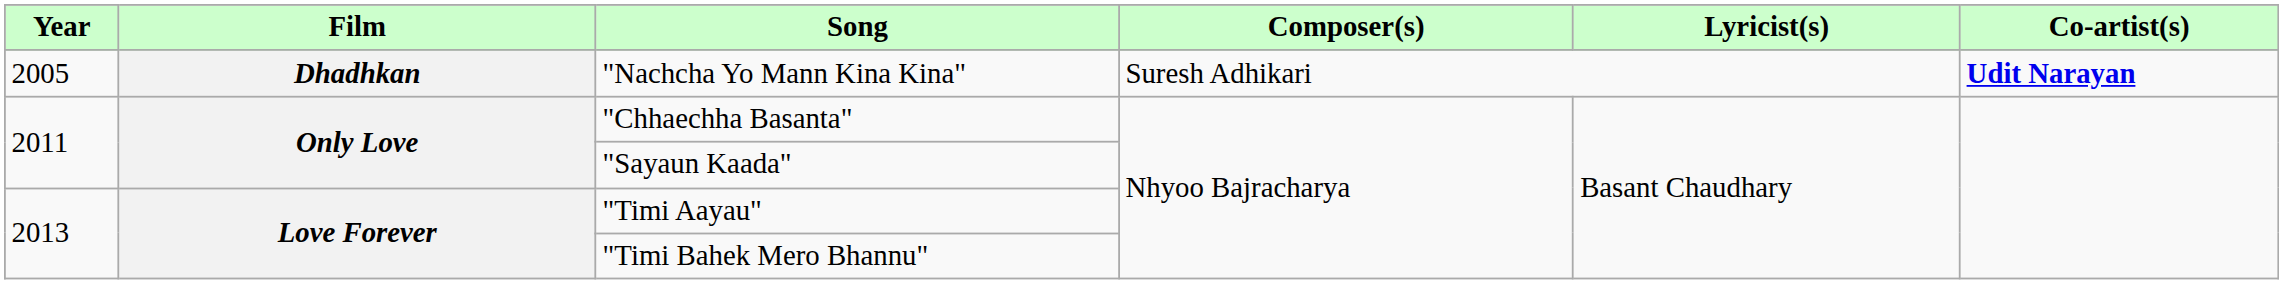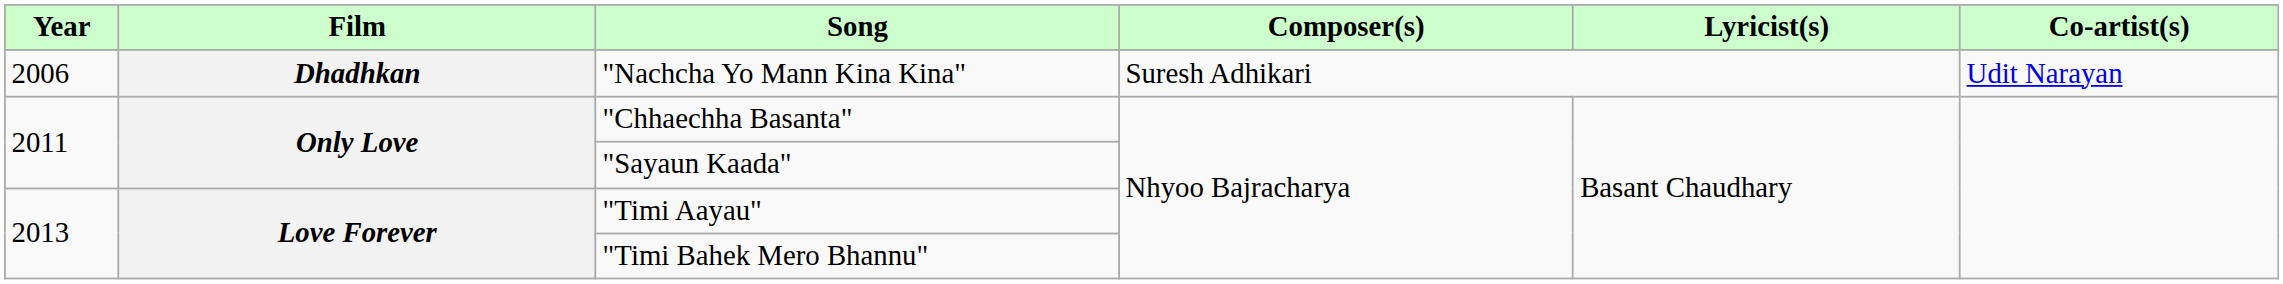 <table class="wikitable plainrowheaders" style="width:100%; textcolor:#000">
 <tr style="background:#cfc; text-align:center;">
 <td scope="col" style="width:5%;"><strong>Year</strong></td>
 <td scope="col" style="width:21%;"><strong>Film</strong></td>
 <td scope="col" style="width:23%;"><strong>Song</strong></td>
 <td scope="col" style="width:20%;"><strong>Composer(s)</strong></td>
 <td scope="col" style="width:17%;"><strong>Lyricist(s)</strong></td>
 <td scope="col" style="width:18%;"><strong>Co-artist(s)</strong></td>
 </tr>
 <tr>
-<td>2005</td>
+<td>2006</td>
 <th scope="row"><em>Dhadhkan</em></th>
 <td>"Nachcha Yo Mann Kina Kina"</td>
 <td colspan="2">Suresh Adhikari</td>
-<td><strong><a href='#'>Udit Narayan</a></strong></td>
+<td><a href='#'>Udit Narayan</a></td>
 </tr>
 <tr>
 <td rowspan="2">2011</td>
 <th scope="row" rowspan="2"><em>Only Love</em></th>
 <td>"Chhaechha Basanta"</td>
 <td rowspan="4">Nhyoo Bajracharya</td>
 <td rowspan="4">Basant Chaudhary</td>
 <td rowspan="4"></td>
 </tr>
 <tr>
 <td>"Sayaun Kaada"</td>
 </tr>
 <tr>
 <td rowspan="2">2013</td>
 <th scope="row" rowspan="2"><em>Love Forever</em></th>
 <td>"Timi Aayau"</td>
 </tr>
 <tr>
 <td>"Timi Bahek Mero Bhannu"</td>
 </tr>
 </table>
